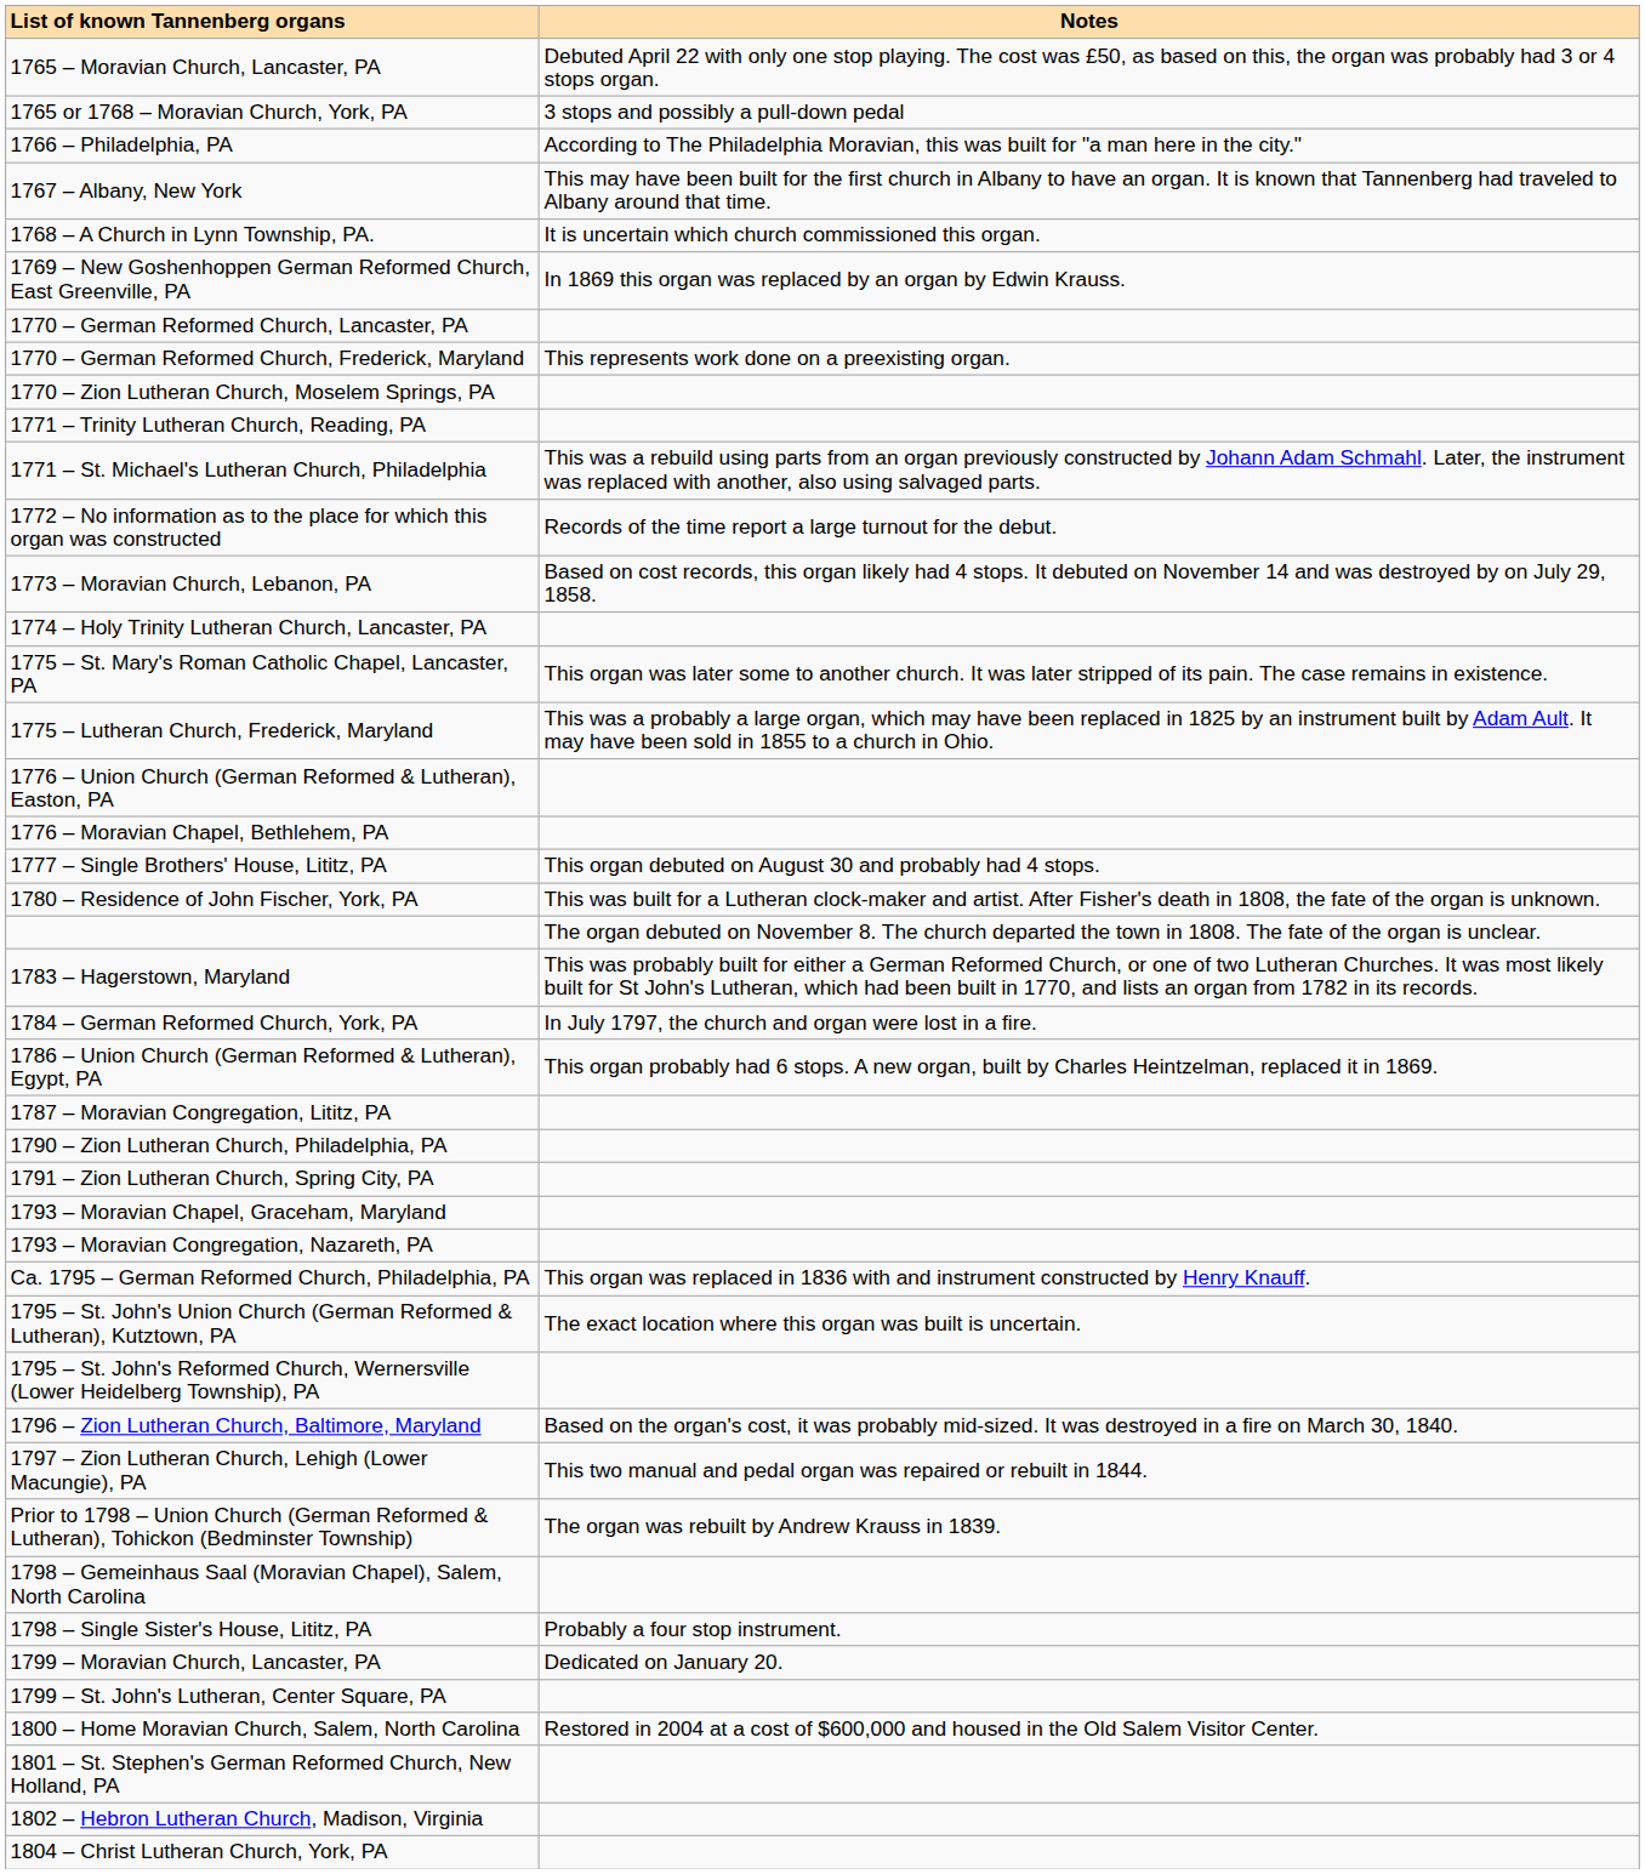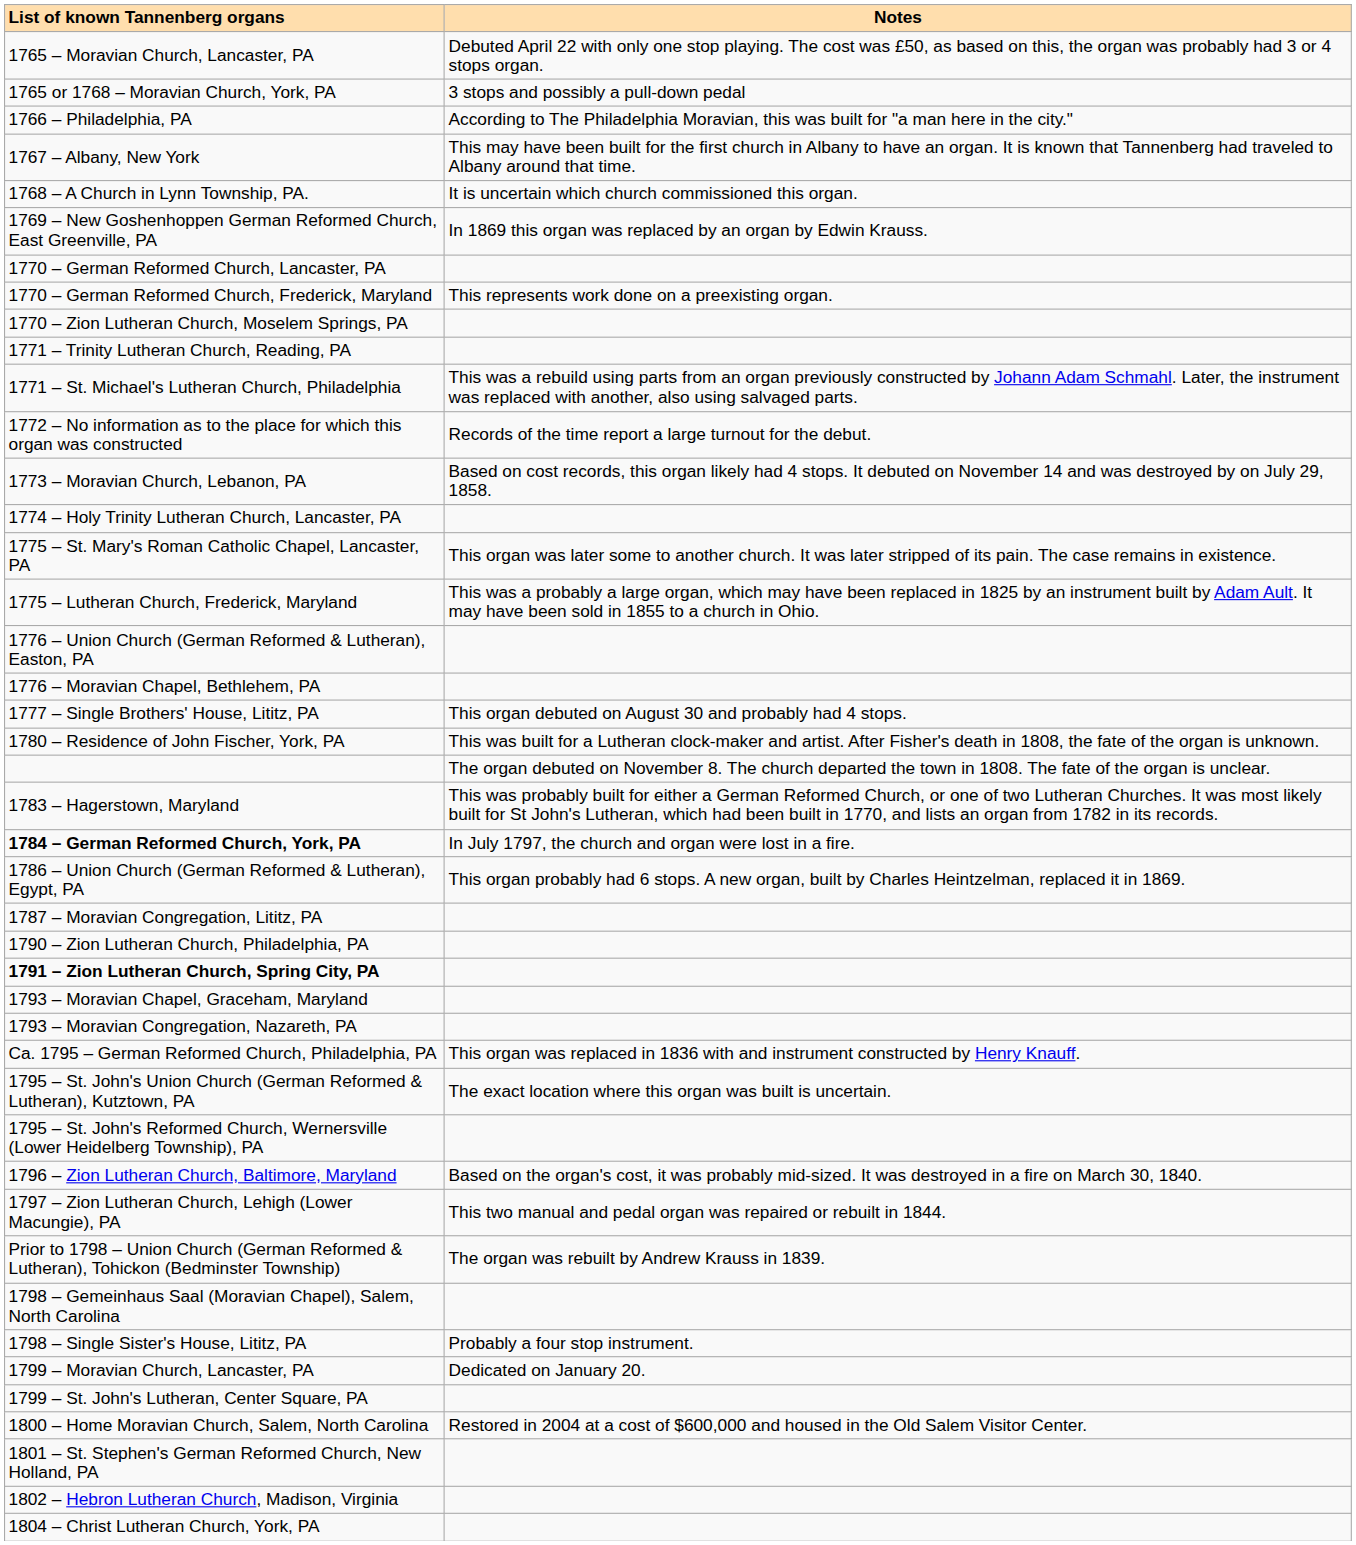 <table class="wikitable collapsible collapsed">
 <tr>
 <td style="background:#ffdead;"><strong>List of known Tannenberg organs</strong></td>
 <th style="background:#ffdead;" colspan="2"><strong>Notes</strong></th>
 </tr>
 <tr>
 <td>1765 – Moravian Church, Lancaster, PA</td>
 <td>Debuted April 22 with only one stop playing.  The cost was £50, as based on this, the organ was probably had 3 or 4 stops organ.</td>
 </tr>
 <tr>
 <td>1765 or 1768 – Moravian Church, York, PA</td>
 <td>3 stops and possibly a pull-down pedal</td>
 </tr>
 <tr>
 <td>1766 – Philadelphia, PA</td>
 <td>According to The Philadelphia Moravian, this was built for "a man here in the city."</td>
 </tr>
 <tr>
 <td>1767 – Albany, New York</td>
 <td>This may have been built for the first church in Albany to have an organ.  It is known that Tannenberg had traveled to Albany around that time.</td>
 </tr>
 <tr>
 <td>1768 – A Church in Lynn Township, PA.</td>
 <td>It is uncertain which church commissioned this organ.</td>
 </tr>
 <tr>
 <td>1769 – New Goshenhoppen German Reformed Church, East Greenville, PA</td>
 <td>In 1869 this organ was replaced by an organ by Edwin Krauss.</td>
 </tr>
 <tr>
 <td>1770 – German Reformed Church, Lancaster, PA</td>
 <td></td>
 </tr>
 <tr>
 <td>1770 – German Reformed Church, Frederick, Maryland</td>
 <td>This represents work done on a preexisting organ.</td>
 </tr>
 <tr>
 <td>1770 – Zion Lutheran Church, Moselem Springs, PA</td>
 <td></td>
 </tr>
 <tr>
 <td>1771 – Trinity Lutheran Church, Reading, PA</td>
 <td></td>
 </tr>
 <tr>
 <td>1771 – St. Michael's Lutheran Church, Philadelphia</td>
 <td>This was a rebuild using parts from an organ previously constructed by <a href='#'>Johann Adam Schmahl</a>.  Later, the instrument was replaced with another, also using salvaged parts.</td>
 </tr>
 <tr>
 <td>1772 – No information as to the place for which this organ was constructed</td>
 <td>Records of the time report a large turnout for the debut.</td>
 </tr>
 <tr>
 <td>1773 – Moravian Church, Lebanon, PA</td>
 <td>Based on cost records, this organ likely had 4 stops.  It debuted on November 14 and was destroyed by on July 29, 1858.</td>
 </tr>
 <tr>
 <td>1774 – Holy Trinity Lutheran Church, Lancaster, PA</td>
 <td></td>
 </tr>
 <tr>
 <td>1775 – St. Mary's Roman Catholic Chapel, Lancaster, PA</td>
 <td>This organ was later some to another church.  It was later stripped of its pain.  The case remains in existence.</td>
 </tr>
 <tr>
 <td>1775 – Lutheran Church, Frederick, Maryland</td>
 <td>This was a probably a large organ, which may have been replaced in 1825 by an instrument built by <a href='#'>Adam Ault</a>.  It may have been sold in 1855 to a church in Ohio.</td>
 </tr>
 <tr>
 <td>1776 – Union Church (German Reformed & Lutheran), Easton, PA</td>
 <td></td>
 </tr>
 <tr>
 <td>1776 – Moravian Chapel, Bethlehem, PA</td>
 <td></td>
 </tr>
 <tr>
 <td>1777 – Single Brothers' House, Lititz, PA</td>
 <td>This organ debuted on August 30 and probably had 4 stops.</td>
 </tr>
 <tr>
 <td>1780 – Residence of John Fischer, York, PA</td>
 <td>This was built for a Lutheran clock-maker and artist.  After Fisher's death in 1808, the fate of the organ is unknown.</td>
 </tr>
 <tr>
 <td 1782 – Moravian Chapel, Hope, New Jersey></td>
 <td>The organ debuted on November 8.  The church departed the town in 1808. The fate of the organ is unclear.</td>
 </tr>
 <tr>
 <td>1783 – Hagerstown, Maryland</td>
 <td>This was probably built for either a German Reformed Church, or one of two Lutheran Churches.  It was most likely built for St John's Lutheran, which had been built in 1770, and lists an organ from 1782 in its records.</td>
 </tr>
 <tr>
-<td>1784 – German Reformed Church, York, PA</td>
+<td><strong>1784 – German Reformed Church, York, PA</strong></td>
 <td>In July 1797, the church and organ were lost in a fire.</td>
 </tr>
 <tr>
 <td>1786 – Union Church (German Reformed & Lutheran), Egypt, PA</td>
 <td>This organ probably had 6 stops.  A new organ, built by Charles Heintzelman, replaced it in 1869.</td>
 </tr>
 <tr>
 <td>1787 – Moravian Congregation, Lititz, PA</td>
 <td></td>
 </tr>
 <tr>
 <td>1790 – Zion Lutheran Church, Philadelphia, PA</td>
 <td></td>
 </tr>
 <tr>
-<td>1791 – Zion Lutheran Church, Spring City, PA</td>
+<td><strong>1791 – Zion Lutheran Church, Spring City, PA</strong></td>
 <td></td>
 </tr>
 <tr>
 <td>1793 – Moravian Chapel, Graceham, Maryland</td>
 <td></td>
 </tr>
 <tr>
 <td>1793 – Moravian Congregation, Nazareth, PA</td>
 <td></td>
 </tr>
 <tr>
 <td>Ca. 1795 – German Reformed Church, Philadelphia, PA</td>
 <td>This organ was replaced in 1836 with and instrument constructed by <a href='#'>Henry Knauff</a>.</td>
 </tr>
 <tr>
 <td>1795 – St. John's Union Church (German Reformed & Lutheran), Kutztown, PA</td>
 <td>The exact location where this organ was built is uncertain.</td>
 </tr>
 <tr>
 <td>1795 – St. John's Reformed Church, Wernersville (Lower Heidelberg Township), PA</td>
 <td></td>
 </tr>
 <tr>
 <td>1796 – <a href='#'>Zion Lutheran Church, Baltimore, Maryland</a></td>
 <td>Based on the organ's cost, it was probably mid-sized.  It was destroyed in a fire on March 30, 1840.</td>
 </tr>
 <tr>
 <td>1797 – Zion Lutheran Church, Lehigh (Lower Macungie), PA</td>
 <td>This two manual and pedal organ was repaired or rebuilt in 1844.</td>
 </tr>
 <tr>
 <td>Prior to 1798 – Union Church (German Reformed & Lutheran), Tohickon (Bedminster Township)</td>
 <td>The organ was rebuilt by Andrew Krauss in 1839.</td>
 </tr>
 <tr>
 <td>1798 – Gemeinhaus Saal (Moravian Chapel), Salem, North Carolina</td>
 <td></td>
 </tr>
 <tr>
 <td>1798 – Single Sister's House, Lititz, PA</td>
 <td>Probably a four stop instrument.</td>
 </tr>
 <tr>
 <td>1799 – Moravian Church, Lancaster, PA</td>
 <td>Dedicated on January 20.</td>
 </tr>
 <tr>
 <td>1799 – St. John's Lutheran, Center Square, PA</td>
 <td></td>
 </tr>
 <tr>
 <td>1800 – Home Moravian Church, Salem, North Carolina</td>
 <td>Restored in 2004 at a cost of $600,000 and housed in the Old Salem Visitor Center.</td>
 </tr>
 <tr>
 <td>1801 – St. Stephen's German Reformed Church, New Holland, PA</td>
 <td></td>
 </tr>
 <tr>
 <td>1802 – <a href='#'>Hebron Lutheran Church</a>, Madison, Virginia</td>
 <td></td>
 </tr>
 <tr>
 <td>1804 – Christ Lutheran Church, York, PA</td>
 <td></td>
 </tr>
 <tr>
 </tr>
 </table>
